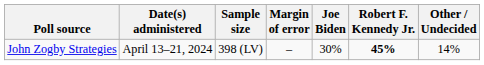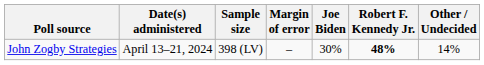 <table class="wikitable sortable mw-datatable" style="font-size:90%;text-align:center;line-height:17px">
 <tr valign=bottom>
 <th>Poll source</th>
 <th>Date(s)<br>administered</th>
 <th>Sample<br>size</th>
 <th>Margin<br>of error</th>
 <th class="unsortable">Joe<br>Biden<br></th>
 <th class="unsortable">Robert F.<br>Kennedy Jr.<br></th>
 <th class="unsortable">Other /<br>Undecided</th>
 </tr>
 <tr>
 <td style="text-align:left;"><a href='#'>John Zogby Strategies</a></td>
 <td data-sort-value="2024-05-01">April 13–21, 2024</td>
 <td>398 (LV)</td>
 <td>–</td>
 <td>30%</td>
-<td style="background-color:"><strong>45%</strong></td>
+<td style="background-color:"><strong>48%</strong></td>
 <td>14%</td>
 </tr>
 </table>
